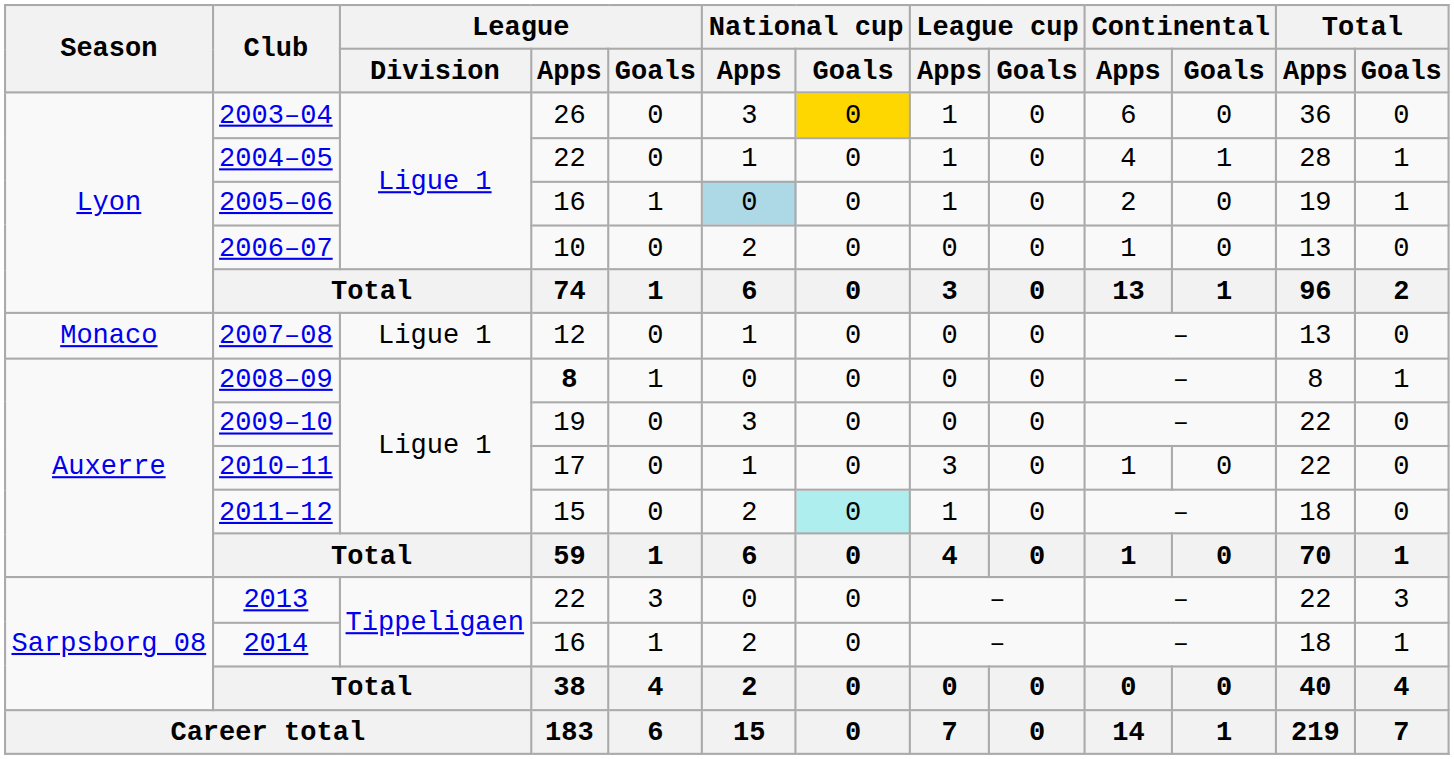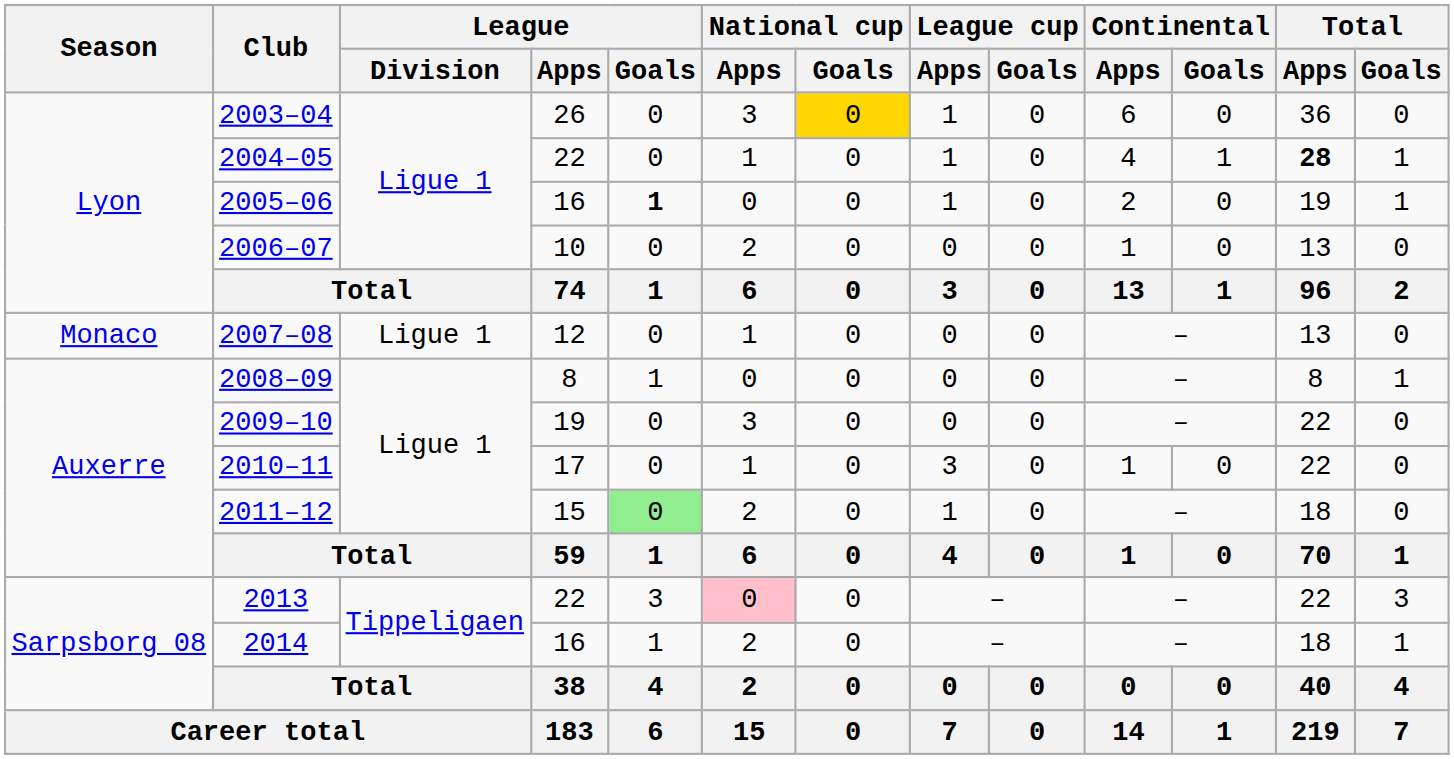 <table class="wikitable" style="text-align:center">
 <tr>
 <th rowspan="2">Season</th>
 <th rowspan="2">Club</th>
 <th colspan="3">League</th>
 <th colspan="2">National cup</th>
 <th colspan="2">League cup</th>
 <th colspan="2">Continental</th>
 <th colspan="2">Total</th>
 </tr>
 <tr>
 <th>Division</th>
 <th>Apps</th>
 <th>Goals</th>
 <th>Apps</th>
 <th>Goals</th>
 <th>Apps</th>
 <th>Goals</th>
 <th>Apps</th>
 <th>Goals</th>
 <th>Apps</th>
 <th>Goals</th>
 </tr>
 <tr>
 <td rowspan="5"><a href='#'>Lyon</a></td>
 <td><a href='#'>2003–04</a></td>
 <td rowspan="4"><a href='#'>Ligue 1</a></td>
 <td>26</td>
 <td>0</td>
 <td>3</td>
 <td style="background: gold;">0</td>
 <td>1</td>
 <td>0</td>
 <td>6</td>
 <td>0</td>
 <td>36</td>
 <td>0</td>
 </tr>
 <tr>
 <td><a href='#'>2004–05</a></td>
 <td>22</td>
 <td>0</td>
 <td>1</td>
 <td>0</td>
 <td>1</td>
 <td>0</td>
 <td>4</td>
 <td>1</td>
-<td>28</td>
+<td><strong>28</strong></td>
 <td>1</td>
 </tr>
 <tr>
 <td><a href='#'>2005–06</a></td>
 <td>16</td>
-<td>1</td>
-<td style="background: lightblue;">0</td>
+<td><strong>1</strong></td>
+<td>0</td>
 <td>0</td>
 <td>1</td>
 <td>0</td>
 <td>2</td>
 <td>0</td>
 <td>19</td>
 <td>1</td>
 </tr>
 <tr>
 <td><a href='#'>2006–07</a></td>
 <td>10</td>
 <td>0</td>
 <td>2</td>
 <td>0</td>
 <td>0</td>
 <td>0</td>
 <td>1</td>
 <td>0</td>
 <td>13</td>
 <td>0</td>
 </tr>
 <tr>
 <th colspan="2">Total</th>
 <th>74</th>
 <th>1</th>
 <th>6</th>
 <th>0</th>
 <th>3</th>
 <th>0</th>
 <th>13</th>
 <th>1</th>
 <th>96</th>
 <th>2</th>
 </tr>
 <tr>
 <td><a href='#'>Monaco</a></td>
 <td><a href='#'>2007–08</a></td>
 <td>Ligue 1</td>
 <td>12</td>
 <td>0</td>
 <td>1</td>
 <td>0</td>
 <td>0</td>
 <td>0</td>
 <td colspan="2">–</td>
 <td>13</td>
 <td>0</td>
 </tr>
 <tr>
 <td rowspan="5"><a href='#'>Auxerre</a></td>
 <td><a href='#'>2008–09</a></td>
 <td rowspan="4">Ligue 1</td>
-<td><strong>8</strong></td>
+<td>8</td>
 <td>1</td>
 <td>0</td>
 <td>0</td>
 <td>0</td>
 <td>0</td>
 <td colspan="2">–</td>
 <td>8</td>
 <td>1</td>
 </tr>
 <tr>
 <td><a href='#'>2009–10</a></td>
 <td>19</td>
 <td>0</td>
 <td>3</td>
 <td>0</td>
 <td>0</td>
 <td>0</td>
 <td colspan="2">–</td>
 <td>22</td>
 <td>0</td>
 </tr>
 <tr>
 <td><a href='#'>2010–11</a></td>
 <td>17</td>
 <td>0</td>
 <td>1</td>
 <td>0</td>
 <td>3</td>
 <td>0</td>
 <td>1</td>
 <td>0</td>
 <td>22</td>
 <td>0</td>
 </tr>
 <tr>
 <td><a href='#'>2011–12</a></td>
 <td>15</td>
+<td style="background: lightgreen;">0</td>
+<td>2</td>
 <td>0</td>
-<td>2</td>
-<td style="background: paleturquoise;">0</td>
 <td>1</td>
 <td>0</td>
 <td colspan="2">–</td>
 <td>18</td>
 <td>0</td>
 </tr>
 <tr>
 <th colspan="2">Total</th>
 <th>59</th>
 <th>1</th>
 <th>6</th>
 <th>0</th>
 <th>4</th>
 <th>0</th>
 <th>1</th>
 <th>0</th>
 <th>70</th>
 <th>1</th>
 </tr>
 <tr>
 <td rowspan="3"><a href='#'>Sarpsborg 08</a></td>
 <td><a href='#'>2013</a></td>
 <td rowspan="2"><a href='#'>Tippeligaen</a></td>
 <td>22</td>
 <td>3</td>
-<td>0</td>
+<td style="background: pink;">0</td>
 <td>0</td>
 <td colspan="2">–</td>
 <td colspan="2">–</td>
 <td>22</td>
 <td>3</td>
 </tr>
 <tr>
 <td><a href='#'>2014</a></td>
 <td>16</td>
 <td>1</td>
 <td>2</td>
 <td>0</td>
 <td colspan="2">–</td>
 <td colspan="2">–</td>
 <td>18</td>
 <td>1</td>
 </tr>
 <tr>
 <th colspan="2">Total</th>
 <th>38</th>
 <th>4</th>
 <th>2</th>
 <th>0</th>
 <th>0</th>
 <th>0</th>
 <th>0</th>
 <th>0</th>
 <th>40</th>
 <th>4</th>
 </tr>
 <tr>
 <th colspan="3">Career total</th>
 <th>183</th>
 <th>6</th>
 <th>15</th>
 <th>0</th>
 <th>7</th>
 <th>0</th>
 <th>14</th>
 <th>1</th>
 <th>219</th>
 <th>7</th>
 </tr>
 </table>
